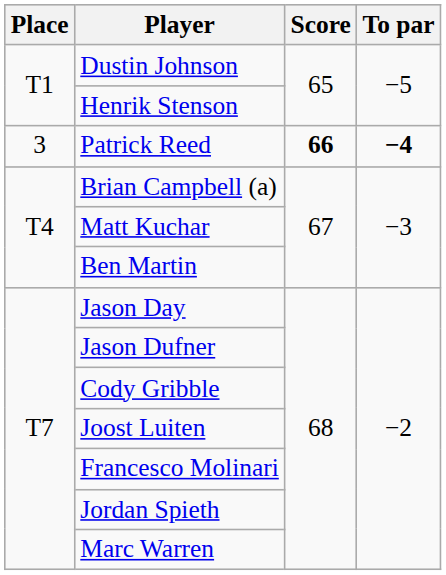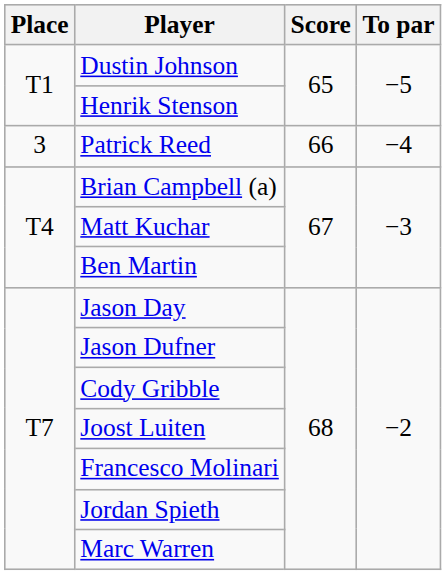 <table class="wikitable">
 <tr>
 <th>Place</th>
 <th>Player</th>
 <th>Score</th>
 <th>To par</th>
 </tr>
 <tr>
 <td rowspan=2 align=center>T1</td>
 <td> <a href='#'>Dustin Johnson</a></td>
 <td rowspan=2 align=center>65</td>
 <td rowspan=2 align=center>−5</td>
 </tr>
 <tr>
 <td> <a href='#'>Henrik Stenson</a></td>
 </tr>
 <tr>
 <td align=center>3</td>
 <td> <a href='#'>Patrick Reed</a></td>
-<td align=center><strong>66</strong></td>
-<td align=center><strong>−4</strong></td>
+<td align=center>66</td>
+<td align=center>−4</td>
 </tr>
 <tr>
 <td rowspan=3 align=center>T4</td>
 <td> <a href='#'>Brian Campbell</a> (a)</td>
 <td rowspan=3 align=center>67</td>
 <td rowspan=3 align=center>−3</td>
 </tr>
 <tr>
 <td> <a href='#'>Matt Kuchar</a></td>
 </tr>
 <tr>
 <td> <a href='#'>Ben Martin</a></td>
 </tr>
 <tr>
 <td rowspan=7 align=center>T7</td>
 <td> <a href='#'>Jason Day</a></td>
 <td rowspan=7 align=center>68</td>
 <td rowspan=7 align=center>−2</td>
 </tr>
 <tr>
 <td> <a href='#'>Jason Dufner</a></td>
 </tr>
 <tr>
 <td> <a href='#'>Cody Gribble</a></td>
 </tr>
 <tr>
 <td> <a href='#'>Joost Luiten</a></td>
 </tr>
 <tr>
 <td> <a href='#'>Francesco Molinari</a></td>
 </tr>
 <tr>
 <td> <a href='#'>Jordan Spieth</a></td>
 </tr>
 <tr>
 <td> <a href='#'>Marc Warren</a></td>
 </tr>
 </table>
